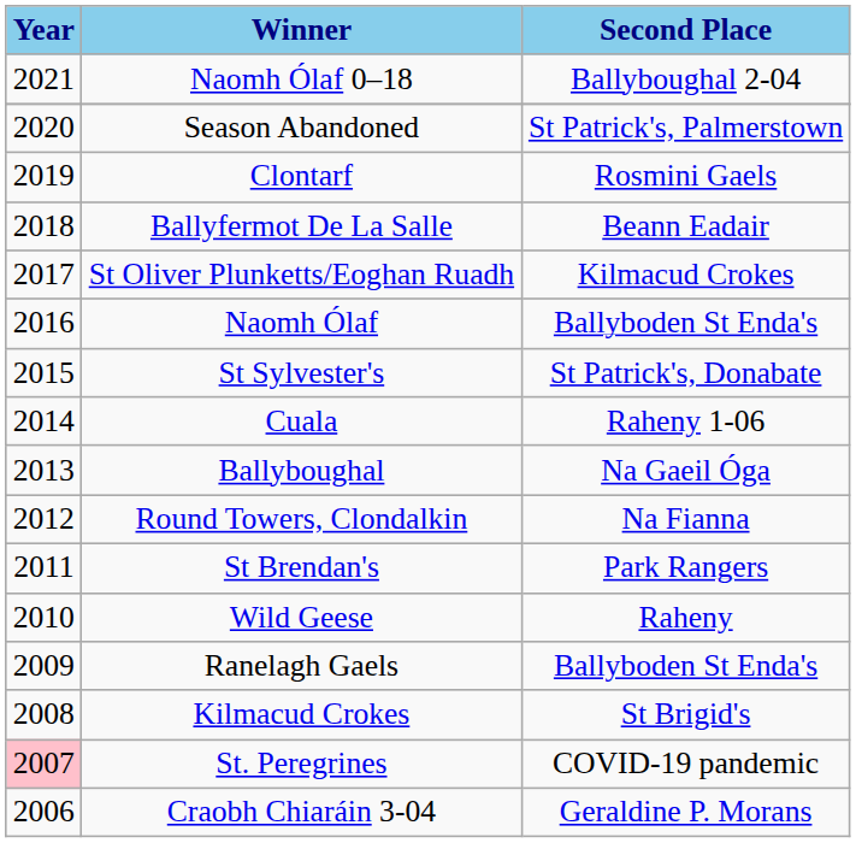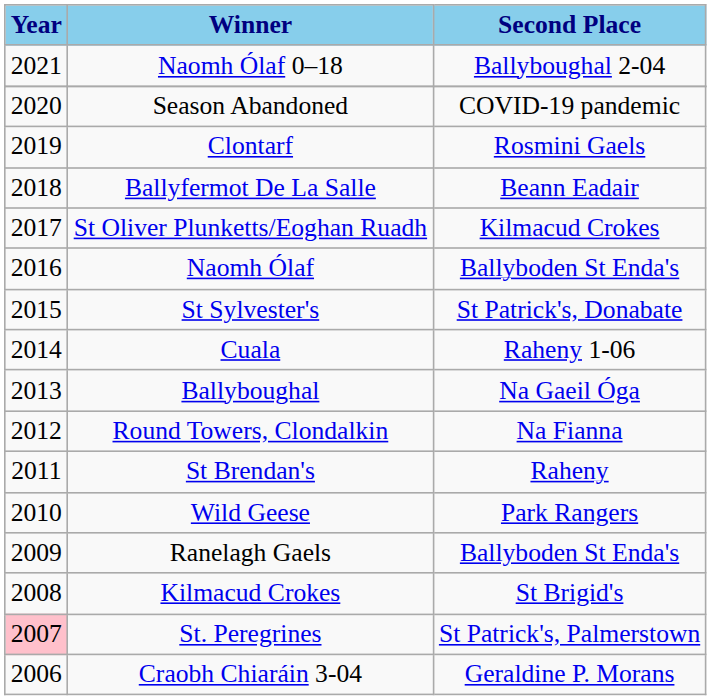 <table class="wikitable" style="text-align:center;">
 <tr>
 <th style="background:skyblue;color:navy;">Year</th>
 <th style="background:skyblue;color:navy;">Winner</th>
 <th style="background:skyblue;color:navy;">Second Place</th>
 </tr>
 <tr>
 <td>2021</td>
 <td><a href='#'>Naomh Ólaf</a> 0–18</td>
 <td><a href='#'>Ballyboughal</a> 2-04</td>
 </tr>
 <tr>
 </tr>
 <tr>
 <td>2020</td>
 <td>Season Abandoned</td>
-<td><a href='#'>St Patrick's, Palmerstown</a></td>
+<td>COVID-19 pandemic</td>
 </tr>
 <tr>
 <td>2019</td>
 <td><a href='#'>Clontarf</a></td>
 <td><a href='#'>Rosmini Gaels</a></td>
 </tr>
 <tr>
 <td>2018</td>
 <td><a href='#'>Ballyfermot De La Salle</a></td>
 <td><a href='#'>Beann Eadair</a></td>
 </tr>
 <tr>
 <td>2017</td>
 <td><a href='#'>St Oliver Plunketts/Eoghan Ruadh</a></td>
 <td><a href='#'>Kilmacud Crokes</a></td>
 </tr>
 <tr>
 <td>2016</td>
 <td><a href='#'>Naomh Ólaf</a></td>
 <td><a href='#'>Ballyboden St Enda's</a></td>
 </tr>
 <tr>
 <td>2015</td>
 <td><a href='#'>St Sylvester's</a></td>
 <td><a href='#'>St Patrick's, Donabate</a></td>
 </tr>
 <tr>
 <td>2014</td>
 <td><a href='#'>Cuala</a></td>
 <td><a href='#'>Raheny</a> 1-06</td>
 </tr>
 <tr>
 <td>2013</td>
 <td><a href='#'>Ballyboughal</a></td>
 <td><a href='#'>Na Gaeil Óga</a></td>
 </tr>
 <tr>
 <td>2012</td>
 <td><a href='#'>Round Towers, Clondalkin</a></td>
 <td><a href='#'>Na Fianna</a></td>
 </tr>
 <tr>
 <td>2011</td>
 <td><a href='#'>St Brendan's</a></td>
-<td><a href='#'>Park Rangers</a></td>
+<td><a href='#'>Raheny</a></td>
 </tr>
 <tr>
 <td>2010</td>
 <td><a href='#'>Wild Geese</a></td>
-<td><a href='#'>Raheny</a></td>
+<td><a href='#'>Park Rangers</a></td>
 </tr>
 <tr>
 <td>2009</td>
 <td>Ranelagh Gaels</td>
 <td><a href='#'>Ballyboden St Enda's</a></td>
 </tr>
 <tr>
 <td>2008</td>
 <td><a href='#'>Kilmacud Crokes</a></td>
 <td><a href='#'>St Brigid's</a></td>
 </tr>
 <tr>
 <td style="background: pink;">2007</td>
 <td><a href='#'>St. Peregrines</a></td>
-<td>COVID-19 pandemic</td>
+<td><a href='#'>St Patrick's, Palmerstown</a></td>
 </tr>
 <tr>
 <td>2006</td>
 <td><a href='#'>Craobh Chiaráin</a> 3-04</td>
 <td><a href='#'>Geraldine P. Morans</a></td>
 </tr>
 </table>
